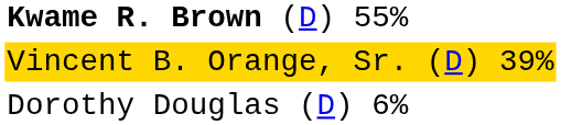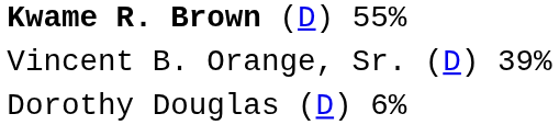 <table>
 <tr>
 <td><strong>Kwame R. Brown</strong> (<a href='#'>D</a>) 55%</td>
 </tr>
 <tr>
-<td style="background: gold;">Vincent B. Orange, Sr. (<a href='#'>D</a>) 39%</td>
+<td>Vincent B. Orange, Sr. (<a href='#'>D</a>) 39%</td>
 </tr>
 <tr>
 <td>Dorothy Douglas (<a href='#'>D</a>) 6%</td>
 </tr>
 <tr>
 </tr>
 </table>
